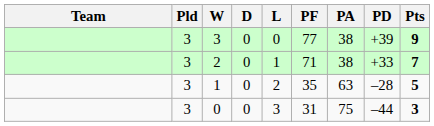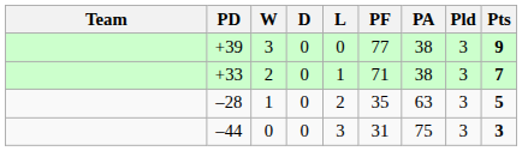 <table class="wikitable" style="text-align:center;">
 <tr>
 <th width=175>Team</th>
-<th width=25 abbr="Played">Pld</th>
+<th width=32 abbr="Points difference">PD</th>
 <th width=25 abbr="Won">W</th>
 <th width=25 abbr="Drawn">D</th>
 <th width=25 abbr="Lost">L</th>
 <th width=32 abbr="Points for">PF</th>
 <th width=32 abbr="Points against">PA</th>
-<th width=32 abbr="Points difference">PD</th>
+<th width=25 abbr="Played">Pld</th>
 <th width=25 abbr="Points">Pts</th>
 </tr>
 <tr bgcolor=ccffcc>
 <td align=left></td>
-<td>3</td>
+<td>+39</td>
 <td>3</td>
 <td>0</td>
 <td>0</td>
 <td>77</td>
 <td>38</td>
-<td>+39</td>
+<td>3</td>
 <td><strong>9</strong></td>
 </tr>
 <tr bgcolor=ccffcc>
 <td align=left></td>
-<td>3</td>
+<td>+33</td>
 <td>2</td>
 <td>0</td>
 <td>1</td>
 <td>71</td>
 <td>38</td>
-<td>+33</td>
+<td>3</td>
 <td><strong>7</strong></td>
 </tr>
 <tr>
 <td align=left></td>
-<td>3</td>
+<td>–28</td>
 <td>1</td>
 <td>0</td>
 <td>2</td>
 <td>35</td>
 <td>63</td>
-<td>–28</td>
+<td>3</td>
 <td><strong>5</strong></td>
 </tr>
 <tr>
 <td align=left></td>
-<td>3</td>
+<td>–44</td>
 <td>0</td>
 <td>0</td>
 <td>3</td>
 <td>31</td>
 <td>75</td>
-<td>–44</td>
+<td>3</td>
 <td><strong>3</strong></td>
 </tr>
 </table>
